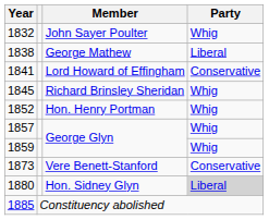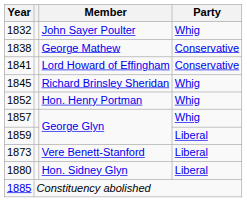 <table class="wikitable">
 <tr>
 <th>Year</th>
 <th></th>
 <th>Member</th>
 <th>Party</th>
 </tr>
 <tr>
 <td>1832</td>
 <td style="color:inherit;background-color: "></td>
 <td><a href='#'>John Sayer Poulter</a></td>
 <td><a href='#'>Whig</a></td>
 </tr>
 <tr>
 <td>1838</td>
 <td style="color:inherit;background-color: "></td>
 <td><a href='#'>George Mathew</a></td>
-<td><a href='#'>Liberal</a></td>
+<td><a href='#'>Conservative</a></td>
 </tr>
 <tr>
 <td>1841</td>
 <td style="color:inherit;background-color: "></td>
 <td><a href='#'>Lord Howard of Effingham</a></td>
 <td><a href='#'>Conservative</a></td>
 </tr>
 <tr>
 <td>1845</td>
 <td style="color:inherit;background-color: "></td>
 <td><a href='#'>Richard Brinsley Sheridan</a></td>
 <td><a href='#'>Whig</a></td>
 </tr>
 <tr>
 <td>1852</td>
 <td style="color:inherit;background-color: "></td>
 <td><a href='#'>Hon. Henry Portman</a></td>
 <td><a href='#'>Whig</a></td>
 </tr>
 <tr>
 <td>1857</td>
 <td style="color:inherit;background-color: "></td>
 <td rowspan="2"><a href='#'>George Glyn</a></td>
 <td><a href='#'>Whig</a></td>
 </tr>
 <tr>
 <td>1859</td>
 <td style="color:inherit;background-color: "></td>
-<td><a href='#'>Whig</a></td>
+<td><a href='#'>Liberal</a></td>
 </tr>
 <tr>
 <td>1873</td>
 <td style="color:inherit;background-color: "></td>
 <td><a href='#'>Vere Benett-Stanford</a></td>
-<td><a href='#'>Conservative</a></td>
+<td><a href='#'>Liberal</a></td>
 </tr>
 <tr>
 <td>1880</td>
 <td style="color:inherit;background-color: "></td>
 <td><a href='#'>Hon. Sidney Glyn</a></td>
-<td style="background: lightgrey;"><a href='#'>Liberal</a></td>
+<td><a href='#'>Liberal</a></td>
 </tr>
 <tr>
 <td><a href='#'>1885</a></td>
 <td colspan="6"><em>Constituency abolished</em></td>
 </tr>
 </table>
